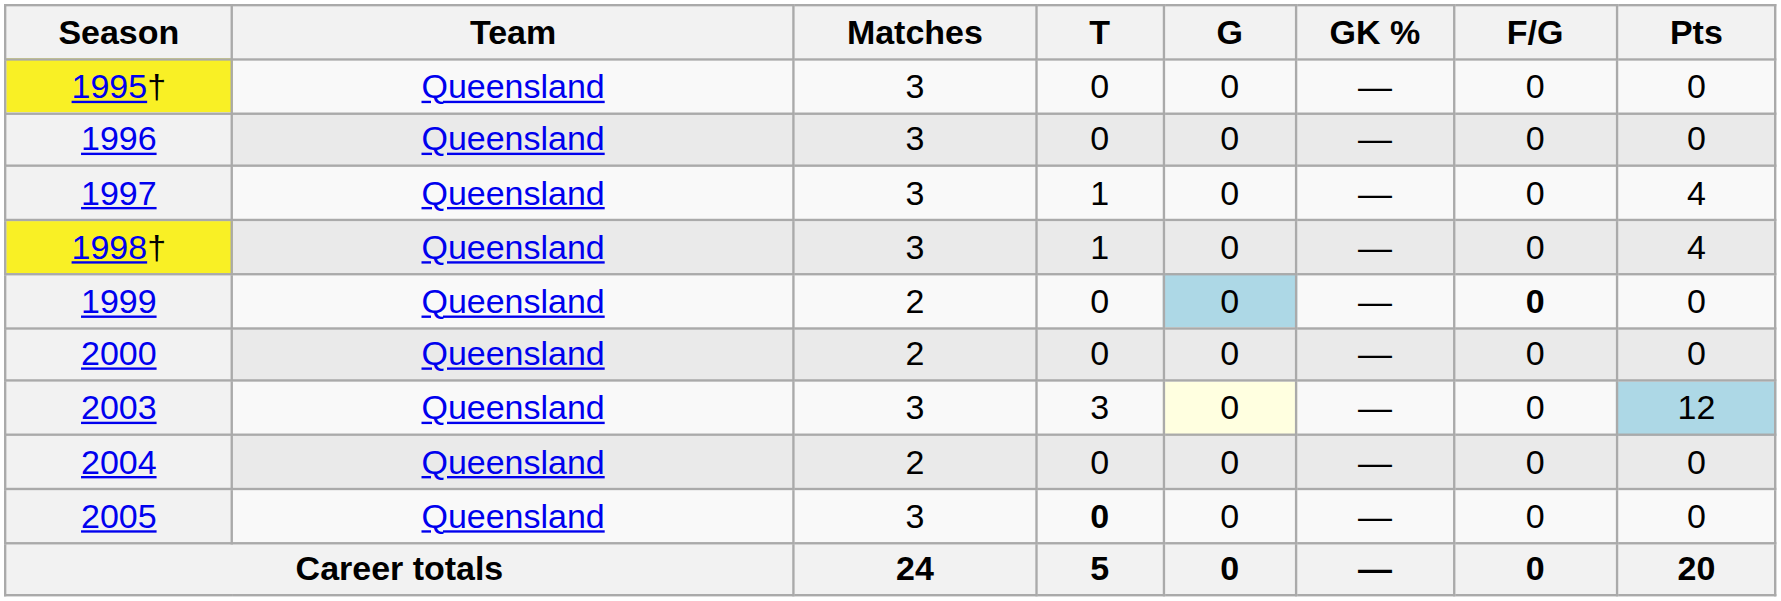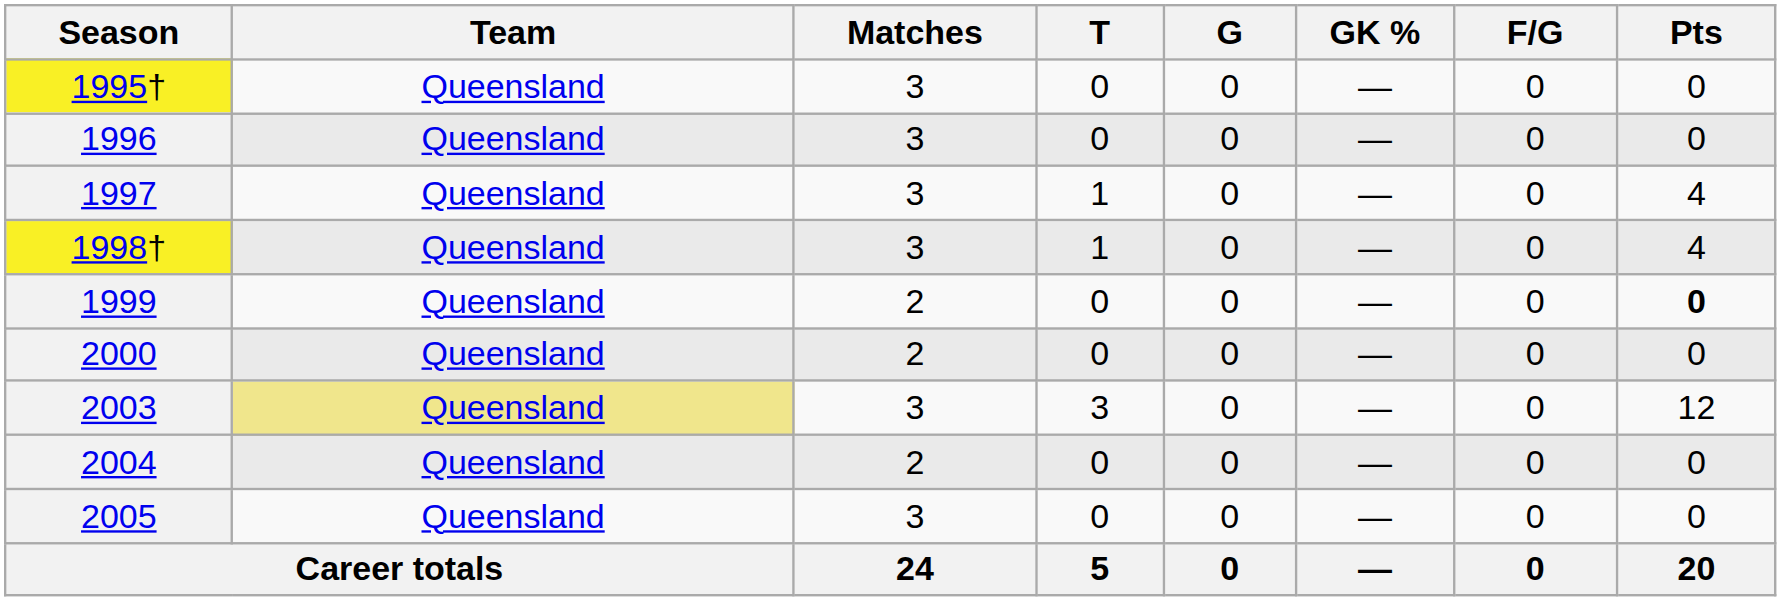 <table class="wikitable sortable"  style="font-size:90%; text-align:center; width:85%;">
 <tr>
 <th width=2%>Season</th>
 <th width=8%>Team</th>
 <th width=2%>Matches</th>
 <th width=2%>T</th>
 <th width=2%>G</th>
 <th width=2%>GK %</th>
 <th width=2%>F/G</th>
 <th width=2%>Pts</th>
 </tr>
 <tr>
 <th scope="row" style="text-align:center;background:#f9f025; font-weight:normal"><a href='#'>1995</a>†</th>
 <td style="text-align:center;"> <a href='#'>Queensland</a></td>
 <td>3</td>
 <td>0</td>
 <td>0</td>
 <td>—</td>
 <td>0</td>
 <td>0</td>
 </tr>
 <tr style="background-color: #EAEAEA">
 <th scope="row" style="text-align:center; font-weight:normal"><a href='#'>1996</a></th>
 <td style="text-align:center;"> <a href='#'>Queensland</a></td>
 <td>3</td>
 <td>0</td>
 <td>0</td>
 <td>—</td>
 <td>0</td>
 <td>0</td>
 </tr>
 <tr>
 <th scope="row" style="text-align:center; font-weight:normal"><a href='#'>1997</a></th>
 <td style="text-align:center;"> <a href='#'>Queensland</a></td>
 <td>3</td>
 <td>1</td>
 <td>0</td>
 <td>—</td>
 <td>0</td>
 <td>4</td>
 </tr>
 <tr style="background-color: #EAEAEA">
 <th scope="row" style="text-align:center;background:#f9f025; font-weight:normal"><a href='#'>1998</a>†</th>
 <td style="text-align:center;"> <a href='#'>Queensland</a></td>
 <td>3</td>
 <td>1</td>
 <td>0</td>
 <td>—</td>
 <td>0</td>
 <td>4</td>
 </tr>
 <tr>
 <th scope="row" style="text-align:center; font-weight:normal"><a href='#'>1999</a></th>
 <td style="text-align:center;"> <a href='#'>Queensland</a></td>
 <td>2</td>
 <td>0</td>
-<td style="background: lightblue;">0</td>
+<td>0</td>
 <td>—</td>
+<td>0</td>
 <td><strong>0</strong></td>
-<td>0</td>
 </tr>
 <tr style="background-color: #EAEAEA">
 <th scope="row" style="text-align:center; font-weight:normal"><a href='#'>2000</a></th>
 <td style="text-align:center;"> <a href='#'>Queensland</a></td>
 <td>2</td>
 <td>0</td>
 <td>0</td>
 <td>—</td>
 <td>0</td>
 <td>0</td>
 </tr>
 <tr>
 <th scope="row" style="text-align:center; font-weight:normal"><a href='#'>2003</a></th>
-<td style="text-align:center;"> <a href='#'>Queensland</a></td>
+<td style="background: khaki; text-align:center;"> <a href='#'>Queensland</a></td>
 <td>3</td>
 <td>3</td>
-<td style="background: lightyellow;">0</td>
+<td>0</td>
 <td>—</td>
 <td>0</td>
-<td style="background: lightblue;">12</td>
+<td>12</td>
 </tr>
 <tr style="background-color: #EAEAEA">
 <th scope="row" style="text-align:center; font-weight:normal"><a href='#'>2004</a></th>
 <td style="text-align:center;"> <a href='#'>Queensland</a></td>
 <td>2</td>
 <td>0</td>
 <td>0</td>
 <td>—</td>
 <td>0</td>
 <td>0</td>
 </tr>
 <tr>
 <th scope="row" style="text-align:center; font-weight:normal"><a href='#'>2005</a></th>
 <td style="text-align:center;"> <a href='#'>Queensland</a></td>
 <td>3</td>
-<td><strong>0</strong></td>
+<td>0</td>
 <td>0</td>
 <td>—</td>
 <td>0</td>
 <td>0</td>
 </tr>
 <tr class="sortbottom">
 <th colspan=2>Career totals</th>
 <th>24</th>
 <th>5</th>
 <th>0</th>
 <th>—</th>
 <th>0</th>
 <th>20</th>
 </tr>
 </table>
